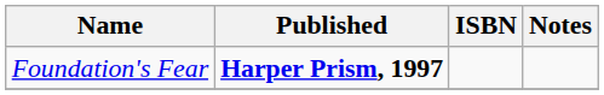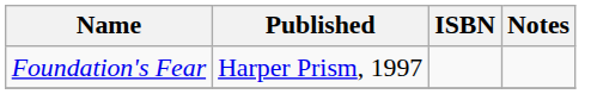 <table class="wikitable sortable" id="noveltable" border="1">
 <tr>
 <th>Name</th>
 <th>Published</th>
 <th>ISBN</th>
 <th>Notes</th>
 </tr>
 <tr>
 <td><em><a href='#'>Foundation's Fear</a></em></td>
-<td><strong><a href='#'>Harper Prism</a>, 1997</strong></td>
+<td><a href='#'>Harper Prism</a>, 1997</td>
 <td></td>
 <td></td>
 </tr>
 <tr>
 </tr>
 </table>
